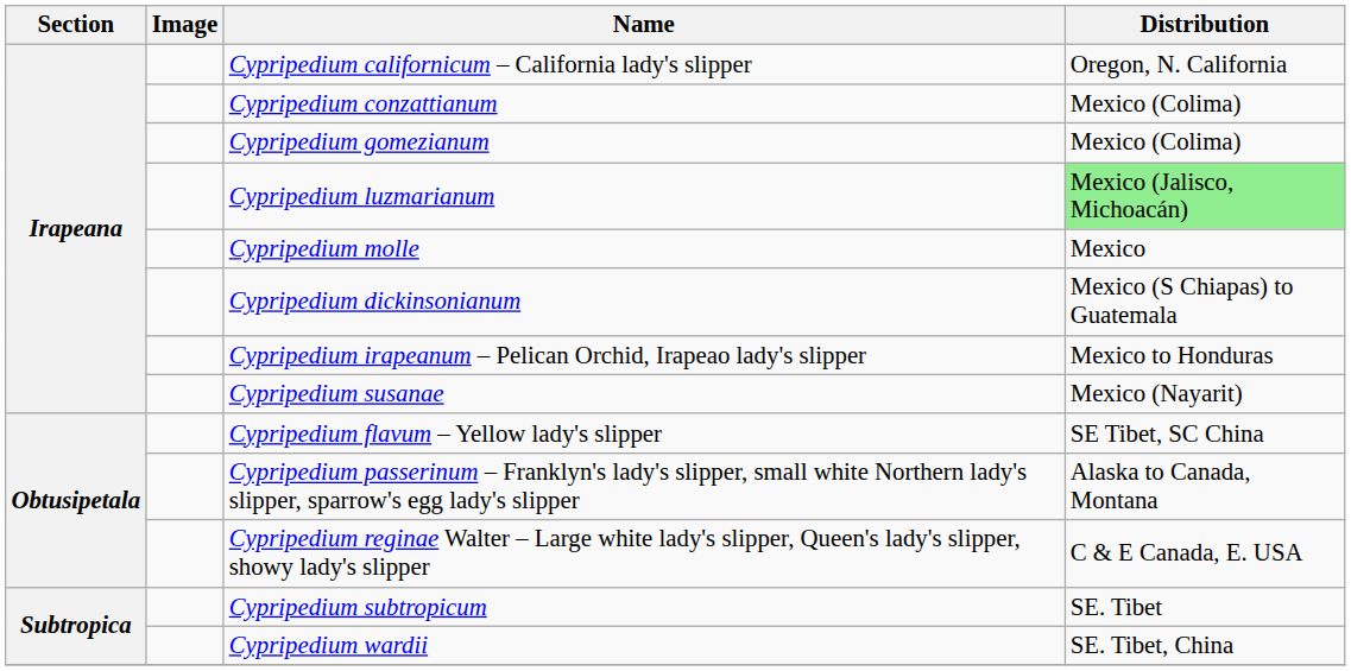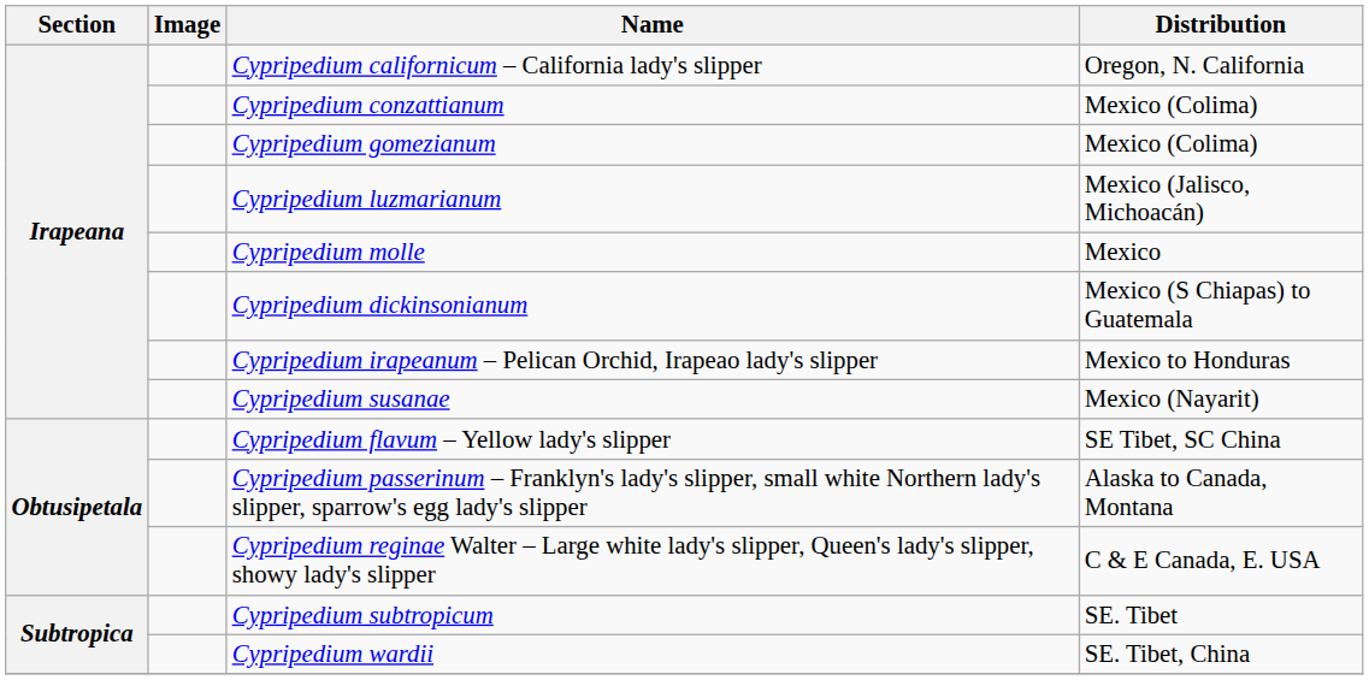 <table class="wikitable collapsible">
 <tr>
 <th>Section</th>
 <th>Image</th>
 <th>Name</th>
 <th>Distribution</th>
 </tr>
 <tr>
 <th rowspan="8" style="text-align:center;"><em>Irapeana</em></th>
 <td></td>
 <td><em><a href='#'>Cypripedium californicum</a></em> – California lady's slipper</td>
 <td>Oregon, N. California</td>
 </tr>
 <tr>
 <td></td>
 <td><em><a href='#'>Cypripedium conzattianum</a></em></td>
 <td>Mexico (Colima)</td>
 </tr>
 <tr>
 <td></td>
 <td><em><a href='#'>Cypripedium gomezianum</a></em></td>
 <td>Mexico (Colima)</td>
 </tr>
 <tr>
 <td></td>
 <td><em><a href='#'>Cypripedium luzmarianum</a></em></td>
-<td style="background: lightgreen;">Mexico (Jalisco, Michoacán)</td>
+<td>Mexico (Jalisco, Michoacán)</td>
 </tr>
 <tr>
 <td></td>
 <td><em><a href='#'>Cypripedium molle</a></em></td>
 <td>Mexico</td>
 </tr>
 <tr>
 <td></td>
 <td><em><a href='#'>Cypripedium dickinsonianum</a></em></td>
 <td>Mexico (S Chiapas) to Guatemala</td>
 </tr>
 <tr>
 <td></td>
 <td><em><a href='#'>Cypripedium irapeanum</a></em> – Pelican Orchid, Irapeao lady's slipper</td>
 <td>Mexico to Honduras</td>
 </tr>
 <tr>
 <td></td>
 <td><em><a href='#'>Cypripedium susanae</a></em></td>
 <td>Mexico (Nayarit)</td>
 </tr>
 <tr>
 <th rowspan="3" style="text-align:center;"><em>Obtusipetala</em></th>
 <td></td>
 <td><em><a href='#'>Cypripedium flavum</a></em> – Yellow lady's slipper</td>
 <td>SE Tibet, SC China</td>
 </tr>
 <tr>
 <td></td>
 <td><em><a href='#'>Cypripedium passerinum</a></em> – Franklyn's lady's slipper, small white Northern lady's slipper, sparrow's egg lady's slipper</td>
 <td>Alaska to Canada, Montana</td>
 </tr>
 <tr>
 <td></td>
 <td><em><a href='#'>Cypripedium reginae</a></em> Walter – Large white lady's slipper, Queen's lady's slipper, showy lady's slipper</td>
 <td>C & E Canada,  E. USA</td>
 </tr>
 <tr>
 <th rowspan="2" style="text-align:center;"><em>Subtropica</em></th>
 <td></td>
 <td><em><a href='#'>Cypripedium subtropicum</a></em></td>
 <td>SE. Tibet</td>
 </tr>
 <tr>
 <td></td>
 <td><em><a href='#'>Cypripedium wardii</a></em></td>
 <td>SE. Tibet, China</td>
 </tr>
 <tr>
 </tr>
 </table>
